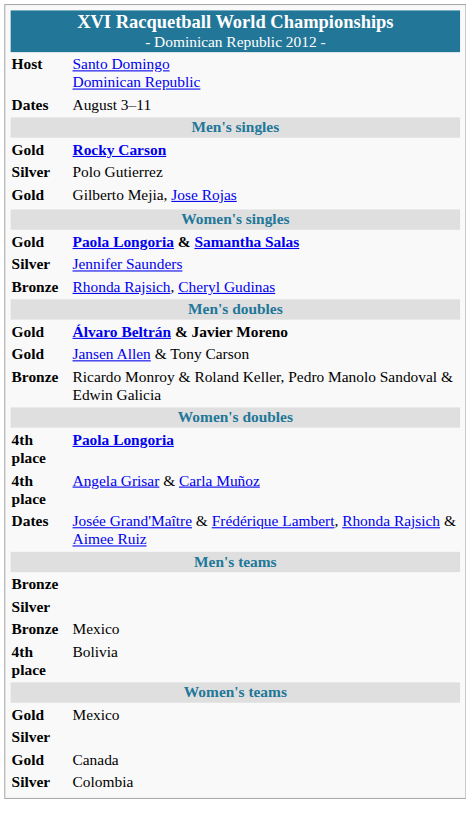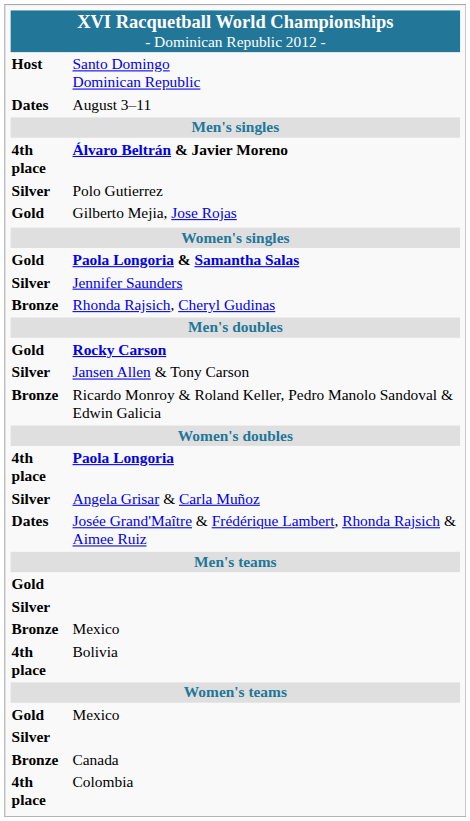 <table class="infobox" style="font-size: 90%; width: 30em;">
 <tr>
 <td colspan="2" style="background: #227799; text-align: center; color:#ffffff;"><big><strong>XVI Racquetball World Championships</strong></big><br>- Dominican Republic 2012 -</td>
 </tr>
 <tr style="vertical-align:top;">
 <td><strong>Host</strong></td>
 <td><a href='#'>Santo Domingo</a> <br> <a href='#'>Dominican Republic</a></td>
 </tr>
 <tr style="vertical-align:top;">
 <td><strong>Dates</strong></td>
 <td>August 3–11</td>
 </tr>
 <tr style="vertical-align:top;">
 <td colspan="2" style="background: #dfdfdf; text-align: center; color:#227799;"><strong>Men's singles</strong></td>
 </tr>
 <tr style="vertical-align:top;">
-<td><strong>Gold</strong> </td>
-<td>   <strong><a href='#'>Rocky Carson</a></strong></td>
+<td><strong>4th place</strong></td>
+<td>   <strong><a href='#'>Álvaro Beltrán</a> & Javier Moreno</strong></td>
 </tr>
 <tr>
 <td><strong>Silver</strong> </td>
 <td> Polo Gutierrez</td>
 </tr>
 <tr>
 <td><strong>Gold</strong> </td>
 <td> Gilberto Mejia,  <a href='#'>Jose Rojas</a></td>
 </tr>
 <tr style="vertical-align:top;">
 </tr>
 <tr style="vertical-align:top;">
 <td colspan="2" style="background: #dfdfdf; text-align: center; color:#227799;"><strong>Women's singles</strong></td>
 </tr>
 <tr style="vertical-align:top;">
 <td><strong>Gold</strong> </td>
 <td>   <strong><a href='#'>Paola Longoria</a> & <a href='#'>Samantha Salas</a></strong></td>
 </tr>
 <tr>
 <td><strong>Silver</strong> </td>
 <td> <a href='#'>Jennifer Saunders</a></td>
 </tr>
 <tr>
 <td><strong>Bronze</strong> </td>
 <td> <a href='#'>Rhonda Rajsich</a>,  <a href='#'>Cheryl Gudinas</a></td>
 </tr>
 <tr style="vertical-align:top;">
 <td colspan="2" style="background: #dfdfdf; text-align: center; color:#227799;"><strong>Men's doubles</strong></td>
 </tr>
 <tr style="vertical-align:top;">
 <td><strong>Gold</strong> </td>
-<td>   <strong><a href='#'>Álvaro Beltrán</a> & Javier Moreno</strong></td>
+<td>   <strong><a href='#'>Rocky Carson</a></strong></td>
 </tr>
 <tr>
-<td><strong>Gold</strong> </td>
+<td><strong>Silver</strong> </td>
 <td> <a href='#'>Jansen Allen</a> & Tony Carson</td>
 </tr>
 <tr>
 <td><strong>Bronze</strong> </td>
 <td> Ricardo Monroy & Roland Keller,  Pedro Manolo Sandoval & Edwin Galicia</td>
 </tr>
 <tr style="vertical-align:top;">
 <td colspan="2" style="background: #dfdfdf; text-align: center; color:#227799;"><strong>Women's doubles</strong></td>
 </tr>
 <tr style="vertical-align:top;">
 <td><strong>4th place</strong></td>
 <td>   <strong><a href='#'>Paola Longoria</a></strong></td>
 </tr>
 <tr>
-<td><strong>4th place</strong></td>
+<td><strong>Silver</strong> </td>
 <td> <a href='#'>Angela Grisar</a>  & <a href='#'>Carla Muñoz</a></td>
 </tr>
 <tr>
 <td><strong>Dates</strong></td>
 <td> <a href='#'>Josée Grand'Maître</a>  & <a href='#'>Frédérique Lambert</a>,  <a href='#'>Rhonda Rajsich</a> & <a href='#'>Aimee Ruiz</a></td>
 </tr>
 <tr style="vertical-align:top;">
 <td colspan="2" style="background: #dfdfdf; text-align: center; color:#227799;"><strong>Men's teams</strong></td>
 </tr>
 <tr style="vertical-align:top;">
-<td><strong>Bronze</strong> </td>
+<td><strong>Gold</strong> </td>
 <td></td>
 </tr>
 <tr>
 <td><strong>Silver</strong> </td>
 <td></td>
 </tr>
 <tr>
 <td><strong>Bronze</strong> </td>
 <td> Mexico</td>
 </tr>
 <tr>
 <td><strong>4th place</strong></td>
 <td> Bolivia</td>
 </tr>
 <tr style="vertical-align:top;">
 <td colspan="2" style="background: #dfdfdf; text-align: center; color:#227799;"><strong>Women's teams</strong></td>
 </tr>
 <tr style="vertical-align:top;">
 <td><strong>Gold</strong> </td>
 <td> Mexico</td>
 </tr>
 <tr>
 <td><strong>Silver</strong> </td>
 <td></td>
 </tr>
 <tr>
-<td><strong>Gold</strong> </td>
+<td><strong>Bronze</strong> </td>
 <td>  Canada</td>
 </tr>
 <tr>
-<td><strong>Silver</strong> </td>
+<td><strong>4th place</strong></td>
 <td> Colombia</td>
 </tr>
 </table>
